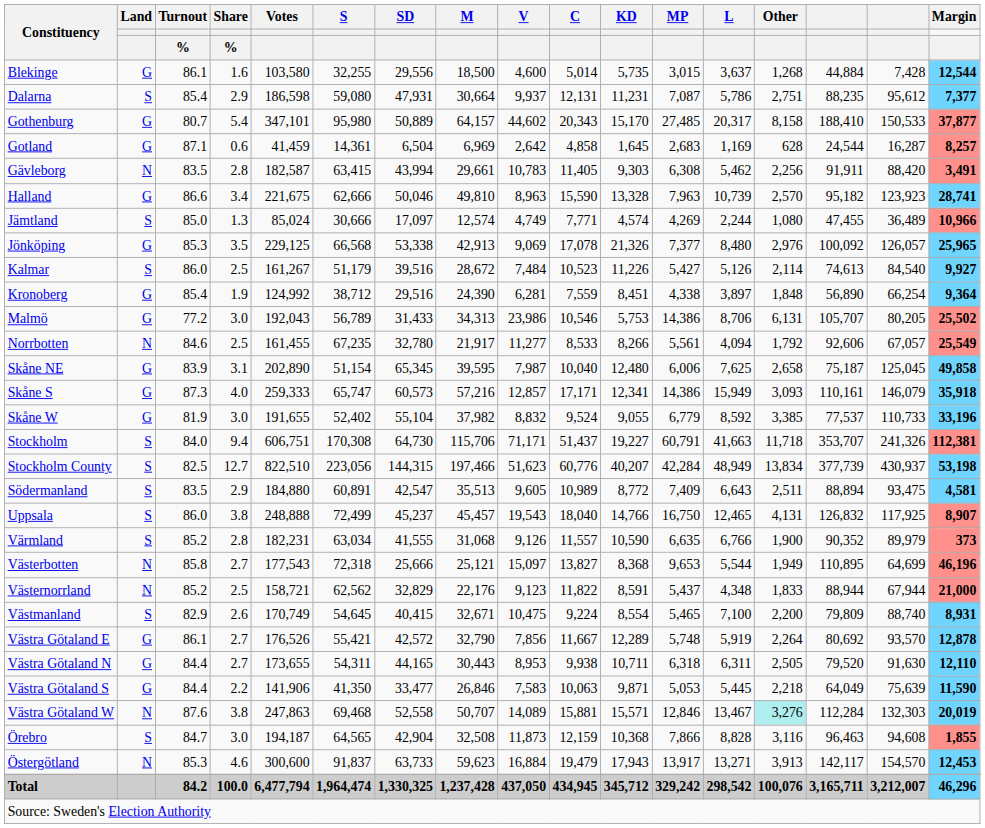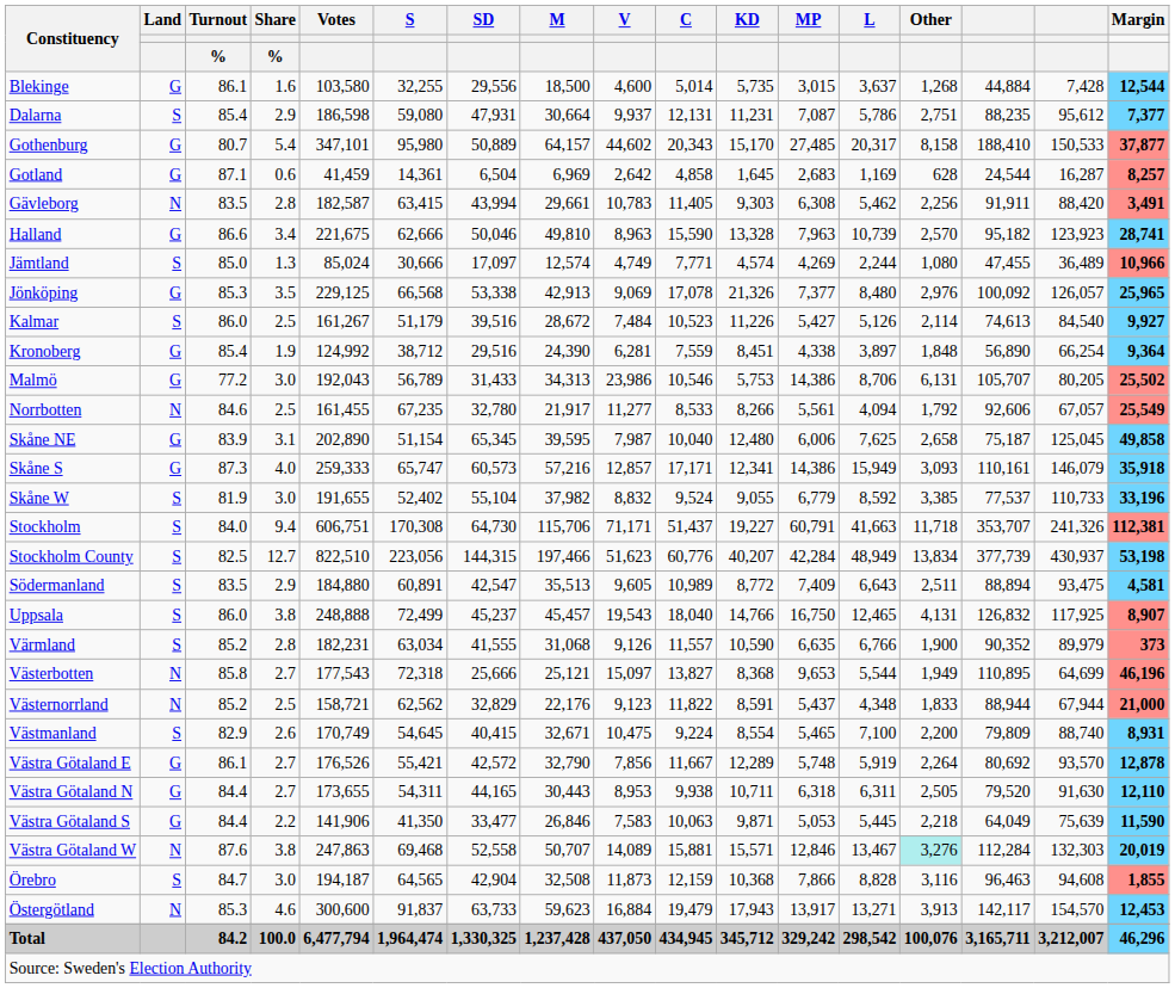 <table class="wikitable sortable" style="text-align:right; font-size:95%; line-height:20px;">
 <tr>
 <th rowspan="3">Constituency</th>
 <th>Land</th>
 <th>Turnout</th>
 <th>Share</th>
 <th>Votes</th>
 <th width="30px" class="unsortable"><a href='#'>S</a></th>
 <th width="30px" class="unsortable"><a href='#'>SD</a></th>
 <th width="30px" class="unsortable"><a href='#'>M</a></th>
 <th width="30px" class="unsortable"><a href='#'>V</a></th>
 <th width="30px" class="unsortable"><a href='#'>C</a></th>
 <th width="30px" class="unsortable"><a href='#'>KD</a></th>
 <th width="30px" class="unsortable"><a href='#'>MP</a></th>
 <th width="30px" class="unsortable"><a href='#'>L</a></th>
 <th width="30px" class="unsortable">Other</th>
 <th></th>
 <th></th>
 <th>Margin</th>
 </tr>
 <tr>
 <th></th>
 <th></th>
 <th></th>
 <th></th>
 <th style="background:"></th>
 <th style="background:"></th>
 <th style="background:"></th>
 <th style="background:"></th>
 <th style="background:"></th>
 <th style="background:"></th>
 <th style="background:"></th>
 <th style="background:"></th>
 <th style="background:"></th>
 <th style="background:"></th>
 <th style="background:"></th>
 </tr>
 <tr>
 <th></th>
 <th data-sort-type="number">%</th>
 <th data-sort-type="number">%</th>
 <th></th>
 <th data-sort-type="number"></th>
 <th data-sort-type="number"></th>
 <th data-sort-type="number"></th>
 <th data-sort-type="number"></th>
 <th data-sort-type="number"></th>
 <th data-sort-type="number"></th>
 <th data-sort-type="number"></th>
 <th data-sort-type="number"></th>
 <th data-sort-type="number"></th>
 <th data-sort-type="number"></th>
 <th data-sort-type="number"></th>
 <th data-sort-type="number"></th>
 </tr>
 <tr>
 <td align="left"><a href='#'>Blekinge</a></td>
 <td><a href='#'>G</a></td>
 <td>86.1</td>
 <td>1.6</td>
 <td>103,580</td>
 <td>32,255</td>
 <td>29,556</td>
 <td>18,500</td>
 <td>4,600</td>
 <td>5,014</td>
 <td>5,735</td>
 <td>3,015</td>
 <td>3,637</td>
 <td>1,268</td>
 <td>44,884</td>
 <td>7,428</td>
 <td bgcolor=#6fd5fe><strong>12,544</strong></td>
 </tr>
 <tr>
 <td align="left"><a href='#'>Dalarna</a></td>
 <td><a href='#'>S</a></td>
 <td>85.4</td>
 <td>2.9</td>
 <td>186,598</td>
 <td>59,080</td>
 <td>47,931</td>
 <td>30,664</td>
 <td>9,937</td>
 <td>12,131</td>
 <td>11,231</td>
 <td>7,087</td>
 <td>5,786</td>
 <td>2,751</td>
 <td>88,235</td>
 <td>95,612</td>
 <td bgcolor=#6fd5fe><strong>7,377</strong></td>
 </tr>
 <tr>
 <td align="left"><a href='#'>Gothenburg</a></td>
 <td><a href='#'>G</a></td>
 <td>80.7</td>
 <td>5.4</td>
 <td>347,101</td>
 <td>95,980</td>
 <td>50,889</td>
 <td>64,157</td>
 <td>44,602</td>
 <td>20,343</td>
 <td>15,170</td>
 <td>27,485</td>
 <td>20,317</td>
 <td>8,158</td>
 <td>188,410</td>
 <td>150,533</td>
 <td bgcolor=#ff908c><strong>37,877</strong></td>
 </tr>
 <tr>
 <td align="left"><a href='#'>Gotland</a></td>
 <td><a href='#'>G</a></td>
 <td>87.1</td>
 <td>0.6</td>
 <td>41,459</td>
 <td>14,361</td>
 <td>6,504</td>
 <td>6,969</td>
 <td>2,642</td>
 <td>4,858</td>
 <td>1,645</td>
 <td>2,683</td>
 <td>1,169</td>
 <td>628</td>
 <td>24,544</td>
 <td>16,287</td>
 <td bgcolor=#ff908c><strong>8,257</strong></td>
 </tr>
 <tr>
 <td align="left"><a href='#'>Gävleborg</a></td>
 <td><a href='#'>N</a></td>
 <td>83.5</td>
 <td>2.8</td>
 <td>182,587</td>
 <td>63,415</td>
 <td>43,994</td>
 <td>29,661</td>
 <td>10,783</td>
 <td>11,405</td>
 <td>9,303</td>
 <td>6,308</td>
 <td>5,462</td>
 <td>2,256</td>
 <td>91,911</td>
 <td>88,420</td>
 <td bgcolor=#ff908c><strong>3,491</strong></td>
 </tr>
 <tr>
 <td align="left"><a href='#'>Halland</a></td>
 <td><a href='#'>G</a></td>
 <td>86.6</td>
 <td>3.4</td>
 <td>221,675</td>
 <td>62,666</td>
 <td>50,046</td>
 <td>49,810</td>
 <td>8,963</td>
 <td>15,590</td>
 <td>13,328</td>
 <td>7,963</td>
 <td>10,739</td>
 <td>2,570</td>
 <td>95,182</td>
 <td>123,923</td>
 <td bgcolor=#6fd5fe><strong>28,741</strong></td>
 </tr>
 <tr>
 <td align="left"><a href='#'>Jämtland</a></td>
 <td><a href='#'>S</a></td>
 <td>85.0</td>
 <td>1.3</td>
 <td>85,024</td>
 <td>30,666</td>
 <td>17,097</td>
 <td>12,574</td>
 <td>4,749</td>
 <td>7,771</td>
 <td>4,574</td>
 <td>4,269</td>
 <td>2,244</td>
 <td>1,080</td>
 <td>47,455</td>
 <td>36,489</td>
 <td bgcolor=#ff908c><strong>10,966</strong></td>
 </tr>
 <tr>
 <td align="left"><a href='#'>Jönköping</a></td>
 <td><a href='#'>G</a></td>
 <td>85.3</td>
 <td>3.5</td>
 <td>229,125</td>
 <td>66,568</td>
 <td>53,338</td>
 <td>42,913</td>
 <td>9,069</td>
 <td>17,078</td>
 <td>21,326</td>
 <td>7,377</td>
 <td>8,480</td>
 <td>2,976</td>
 <td>100,092</td>
 <td>126,057</td>
 <td bgcolor=#6fd5fe><strong>25,965</strong></td>
 </tr>
 <tr>
 <td align="left"><a href='#'>Kalmar</a></td>
 <td><a href='#'>S</a></td>
 <td>86.0</td>
 <td>2.5</td>
 <td>161,267</td>
 <td>51,179</td>
 <td>39,516</td>
 <td>28,672</td>
 <td>7,484</td>
 <td>10,523</td>
 <td>11,226</td>
 <td>5,427</td>
 <td>5,126</td>
 <td>2,114</td>
 <td>74,613</td>
 <td>84,540</td>
 <td bgcolor=#6fd5fe><strong>9,927</strong></td>
 </tr>
 <tr>
 <td align="left"><a href='#'>Kronoberg</a></td>
 <td><a href='#'>G</a></td>
 <td>85.4</td>
 <td>1.9</td>
 <td>124,992</td>
 <td>38,712</td>
 <td>29,516</td>
 <td>24,390</td>
 <td>6,281</td>
 <td>7,559</td>
 <td>8,451</td>
 <td>4,338</td>
 <td>3,897</td>
 <td>1,848</td>
 <td>56,890</td>
 <td>66,254</td>
 <td bgcolor=#6fd5fe><strong>9,364</strong></td>
 </tr>
 <tr>
 <td align="left"><a href='#'>Malmö</a></td>
 <td><a href='#'>G</a></td>
 <td>77.2</td>
 <td>3.0</td>
 <td>192,043</td>
 <td>56,789</td>
 <td>31,433</td>
 <td>34,313</td>
 <td>23,986</td>
 <td>10,546</td>
 <td>5,753</td>
 <td>14,386</td>
 <td>8,706</td>
 <td>6,131</td>
 <td>105,707</td>
 <td>80,205</td>
 <td bgcolor=#ff908c><strong>25,502</strong></td>
 </tr>
 <tr>
 <td align="left"><a href='#'>Norrbotten</a></td>
 <td><a href='#'>N</a></td>
 <td>84.6</td>
 <td>2.5</td>
 <td>161,455</td>
 <td>67,235</td>
 <td>32,780</td>
 <td>21,917</td>
 <td>11,277</td>
 <td>8,533</td>
 <td>8,266</td>
 <td>5,561</td>
 <td>4,094</td>
 <td>1,792</td>
 <td>92,606</td>
 <td>67,057</td>
 <td bgcolor=#ff908c><strong>25,549</strong></td>
 </tr>
 <tr>
 <td align="left"><a href='#'>Skåne NE</a></td>
 <td><a href='#'>G</a></td>
 <td>83.9</td>
 <td>3.1</td>
 <td>202,890</td>
 <td>51,154</td>
 <td>65,345</td>
 <td>39,595</td>
 <td>7,987</td>
 <td>10,040</td>
 <td>12,480</td>
 <td>6,006</td>
 <td>7,625</td>
 <td>2,658</td>
 <td>75,187</td>
 <td>125,045</td>
 <td bgcolor=#6fd5fe><strong>49,858</strong></td>
 </tr>
 <tr>
 <td align="left"><a href='#'>Skåne S</a></td>
 <td><a href='#'>G</a></td>
 <td>87.3</td>
 <td>4.0</td>
 <td>259,333</td>
 <td>65,747</td>
 <td>60,573</td>
 <td>57,216</td>
 <td>12,857</td>
 <td>17,171</td>
 <td>12,341</td>
 <td>14,386</td>
 <td>15,949</td>
 <td>3,093</td>
 <td>110,161</td>
 <td>146,079</td>
 <td bgcolor=#6fd5fe><strong>35,918</strong></td>
 </tr>
 <tr>
 <td align="left"><a href='#'>Skåne W</a></td>
-<td><a href='#'>G</a></td>
+<td><a href='#'>S</a></td>
 <td>81.9</td>
 <td>3.0</td>
 <td>191,655</td>
 <td>52,402</td>
 <td>55,104</td>
 <td>37,982</td>
 <td>8,832</td>
 <td>9,524</td>
 <td>9,055</td>
 <td>6,779</td>
 <td>8,592</td>
 <td>3,385</td>
 <td>77,537</td>
 <td>110,733</td>
 <td bgcolor=#6fd5fe><strong>33,196</strong></td>
 </tr>
 <tr>
 <td align="left"><a href='#'>Stockholm</a></td>
 <td><a href='#'>S</a></td>
 <td>84.0</td>
 <td>9.4</td>
 <td>606,751</td>
 <td>170,308</td>
 <td>64,730</td>
 <td>115,706</td>
 <td>71,171</td>
 <td>51,437</td>
 <td>19,227</td>
 <td>60,791</td>
 <td>41,663</td>
 <td>11,718</td>
 <td>353,707</td>
 <td>241,326</td>
 <td bgcolor=#ff908c><strong>112,381</strong></td>
 </tr>
 <tr>
 <td align="left"><a href='#'>Stockholm County</a></td>
 <td><a href='#'>S</a></td>
 <td>82.5</td>
 <td>12.7</td>
 <td>822,510</td>
 <td>223,056</td>
 <td>144,315</td>
 <td>197,466</td>
 <td>51,623</td>
 <td>60,776</td>
 <td>40,207</td>
 <td>42,284</td>
 <td>48,949</td>
 <td>13,834</td>
 <td>377,739</td>
 <td>430,937</td>
 <td bgcolor=#6fd5fe><strong>53,198</strong></td>
 </tr>
 <tr>
 <td align="left"><a href='#'>Södermanland</a></td>
 <td><a href='#'>S</a></td>
 <td>83.5</td>
 <td>2.9</td>
 <td>184,880</td>
 <td>60,891</td>
 <td>42,547</td>
 <td>35,513</td>
 <td>9,605</td>
 <td>10,989</td>
 <td>8,772</td>
 <td>7,409</td>
 <td>6,643</td>
 <td>2,511</td>
 <td>88,894</td>
 <td>93,475</td>
 <td bgcolor=#6fd5fe><strong>4,581</strong></td>
 </tr>
 <tr>
 <td align="left"><a href='#'>Uppsala</a></td>
 <td><a href='#'>S</a></td>
 <td>86.0</td>
 <td>3.8</td>
 <td>248,888</td>
 <td>72,499</td>
 <td>45,237</td>
 <td>45,457</td>
 <td>19,543</td>
 <td>18,040</td>
 <td>14,766</td>
 <td>16,750</td>
 <td>12,465</td>
 <td>4,131</td>
 <td>126,832</td>
 <td>117,925</td>
 <td bgcolor=#ff908c><strong>8,907</strong></td>
 </tr>
 <tr>
 <td align="left"><a href='#'>Värmland</a></td>
 <td><a href='#'>S</a></td>
 <td>85.2</td>
 <td>2.8</td>
 <td>182,231</td>
 <td>63,034</td>
 <td>41,555</td>
 <td>31,068</td>
 <td>9,126</td>
 <td>11,557</td>
 <td>10,590</td>
 <td>6,635</td>
 <td>6,766</td>
 <td>1,900</td>
 <td>90,352</td>
 <td>89,979</td>
 <td bgcolor=#ff908c><strong>373</strong></td>
 </tr>
 <tr>
 <td align="left"><a href='#'>Västerbotten</a></td>
 <td><a href='#'>N</a></td>
 <td>85.8</td>
 <td>2.7</td>
 <td>177,543</td>
 <td>72,318</td>
 <td>25,666</td>
 <td>25,121</td>
 <td>15,097</td>
 <td>13,827</td>
 <td>8,368</td>
 <td>9,653</td>
 <td>5,544</td>
 <td>1,949</td>
 <td>110,895</td>
 <td>64,699</td>
 <td bgcolor=#ff908c><strong>46,196</strong></td>
 </tr>
 <tr>
 <td align="left"><a href='#'>Västernorrland</a></td>
 <td><a href='#'>N</a></td>
 <td>85.2</td>
 <td>2.5</td>
 <td>158,721</td>
 <td>62,562</td>
 <td>32,829</td>
 <td>22,176</td>
 <td>9,123</td>
 <td>11,822</td>
 <td>8,591</td>
 <td>5,437</td>
 <td>4,348</td>
 <td>1,833</td>
 <td>88,944</td>
 <td>67,944</td>
 <td bgcolor=#ff908c><strong>21,000</strong></td>
 </tr>
 <tr>
 <td align="left"><a href='#'>Västmanland</a></td>
 <td><a href='#'>S</a></td>
 <td>82.9</td>
 <td>2.6</td>
 <td>170,749</td>
 <td>54,645</td>
 <td>40,415</td>
 <td>32,671</td>
 <td>10,475</td>
 <td>9,224</td>
 <td>8,554</td>
 <td>5,465</td>
 <td>7,100</td>
 <td>2,200</td>
 <td>79,809</td>
 <td>88,740</td>
 <td bgcolor=#6fd5fe><strong>8,931</strong></td>
 </tr>
 <tr>
 <td align="left"><a href='#'>Västra Götaland E</a></td>
 <td><a href='#'>G</a></td>
 <td>86.1</td>
 <td>2.7</td>
 <td>176,526</td>
 <td>55,421</td>
 <td>42,572</td>
 <td>32,790</td>
 <td>7,856</td>
 <td>11,667</td>
 <td>12,289</td>
 <td>5,748</td>
 <td>5,919</td>
 <td>2,264</td>
 <td>80,692</td>
 <td>93,570</td>
 <td bgcolor=#6fd5fe><strong>12,878</strong></td>
 </tr>
 <tr>
 <td align="left"><a href='#'>Västra Götaland N</a></td>
 <td><a href='#'>G</a></td>
 <td>84.4</td>
 <td>2.7</td>
 <td>173,655</td>
 <td>54,311</td>
 <td>44,165</td>
 <td>30,443</td>
 <td>8,953</td>
 <td>9,938</td>
 <td>10,711</td>
 <td>6,318</td>
 <td>6,311</td>
 <td>2,505</td>
 <td>79,520</td>
 <td>91,630</td>
 <td bgcolor=#6fd5fe><strong>12,110</strong></td>
 </tr>
 <tr>
 <td align="left"><a href='#'>Västra Götaland S</a></td>
 <td><a href='#'>G</a></td>
 <td>84.4</td>
 <td>2.2</td>
 <td>141,906</td>
 <td>41,350</td>
 <td>33,477</td>
 <td>26,846</td>
 <td>7,583</td>
 <td>10,063</td>
 <td>9,871</td>
 <td>5,053</td>
 <td>5,445</td>
 <td>2,218</td>
 <td>64,049</td>
 <td>75,639</td>
 <td bgcolor=#6fd5fe><strong>11,590</strong></td>
 </tr>
 <tr>
 <td align="left"><a href='#'>Västra Götaland W</a></td>
 <td><a href='#'>N</a></td>
 <td>87.6</td>
 <td>3.8</td>
 <td>247,863</td>
 <td>69,468</td>
 <td>52,558</td>
 <td>50,707</td>
 <td>14,089</td>
 <td>15,881</td>
 <td>15,571</td>
 <td>12,846</td>
 <td>13,467</td>
 <td style="background: paleturquoise;">3,276</td>
 <td>112,284</td>
 <td>132,303</td>
 <td bgcolor=#6fd5fe><strong>20,019</strong></td>
 </tr>
 <tr>
 <td align="left"><a href='#'>Örebro</a></td>
 <td><a href='#'>S</a></td>
 <td>84.7</td>
 <td>3.0</td>
 <td>194,187</td>
 <td>64,565</td>
 <td>42,904</td>
 <td>32,508</td>
 <td>11,873</td>
 <td>12,159</td>
 <td>10,368</td>
 <td>7,866</td>
 <td>8,828</td>
 <td>3,116</td>
 <td>96,463</td>
 <td>94,608</td>
 <td bgcolor=#ff908c><strong>1,855</strong></td>
 </tr>
 <tr>
 <td align="left"><a href='#'>Östergötland</a></td>
 <td><a href='#'>N</a></td>
 <td>85.3</td>
 <td>4.6</td>
 <td>300,600</td>
 <td>91,837</td>
 <td>63,733</td>
 <td>59,623</td>
 <td>16,884</td>
 <td>19,479</td>
 <td>17,943</td>
 <td>13,917</td>
 <td>13,271</td>
 <td>3,913</td>
 <td>142,117</td>
 <td>154,570</td>
 <td bgcolor=#6fd5fe><strong>12,453</strong></td>
 </tr>
 <tr>
 </tr>
 <tr style="background:#CDCDCD;">
 <td align="left"><strong>Total</strong></td>
 <td></td>
 <td><strong>84.2</strong></td>
 <td><strong>100.0</strong></td>
 <td><strong>6,477,794</strong></td>
 <td><strong>1,964,474</strong></td>
 <td><strong>1,330,325</strong></td>
 <td><strong>1,237,428</strong></td>
 <td><strong>437,050</strong></td>
 <td><strong>434,945</strong></td>
 <td><strong>345,712</strong></td>
 <td><strong>329,242</strong></td>
 <td><strong>298,542</strong></td>
 <td><strong>100,076</strong></td>
 <td><strong>3,165,711</strong></td>
 <td><strong>3,212,007</strong></td>
 <td bgcolor=#6fd5fe><strong>46,296</strong></td>
 </tr>
 <tr>
 <td colspan="17" align="left">Source: Sweden's <a href='#'>Election Authority</a></td>
 </tr>
 </table>
